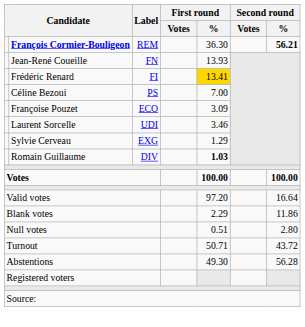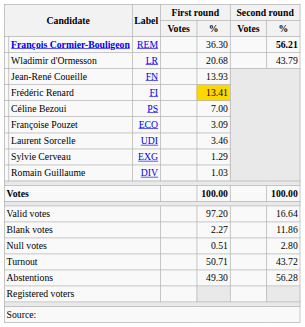 <table class="wikitable" style="text-align:right;font-size:95%;">
 <tr>
 <th rowspan="2" colspan="2">Candidate</th>
 <th rowspan="2">Label</th>
 <th colspan="2">First round</th>
 <th colspan="2">Second round</th>
 </tr>
 <tr>
 <th style="width:50px;">Votes</th>
 <th style="width:45px;">%</th>
 <th style="width:50px;">Votes</th>
 <th style="width:45px;">%</th>
 </tr>
 <tr>
 <td style="color:inherit;background:"></td>
 <td style="text-align:left;"><strong><a href='#'>François Cormier-Bouligeon</a></strong></td>
 <td><a href='#'>REM</a></td>
 <td></td>
 <td>36.30</td>
 <td><strong></strong></td>
 <td><strong>56.21</strong></td>
+</tr>
+<tr>
+<td style="color:inherit;background:"></td>
+<td style="text-align:left;">Wladimir d'Ormesson</td>
+<td><a href='#'>LR</a></td>
+<td></td>
+<td>20.68</td>
+<td></td>
+<td>43.79</td>
 </tr>
 <tr>
 <td style="color:inherit;background:"></td>
 <td style="text-align:left;">Jean-René Coueille</td>
 <td><a href='#'>FN</a></td>
 <td></td>
 <td>13.93</td>
 <td colspan="2" rowspan="7" style="background:#E9E9E9;"></td>
 </tr>
 <tr>
 <td style="color:inherit;background:"></td>
 <td style="text-align:left;">Frédéric Renard</td>
 <td><a href='#'>FI</a></td>
 <td></td>
 <td style="background: gold;">13.41</td>
 </tr>
 <tr>
 <td style="color:inherit;background:"></td>
 <td style="text-align:left;">Céline Bezoui</td>
 <td><a href='#'>PS</a></td>
 <td></td>
 <td>7.00</td>
 </tr>
 <tr>
 <td style="color:inherit;background:"></td>
 <td style="text-align:left;">Françoise Pouzet</td>
 <td><a href='#'>ECO</a></td>
 <td></td>
 <td>3.09</td>
 </tr>
 <tr>
 <td style="color:inherit;background:"></td>
 <td style="text-align:left;">Laurent Sorcelle</td>
 <td><a href='#'>UDI</a></td>
 <td></td>
 <td>3.46</td>
 </tr>
 <tr>
 <td style="color:inherit;background:"></td>
 <td style="text-align:left;">Sylvie Cerveau</td>
 <td><a href='#'>EXG</a></td>
 <td></td>
 <td>1.29</td>
 </tr>
 <tr>
 <td style="color:inherit;background:"></td>
 <td style="text-align:left;">Romain Guillaume</td>
 <td><a href='#'>DIV</a></td>
 <td></td>
-<td><strong>1.03</strong></td>
+<td>1.03</td>
 </tr>
 <tr>
 <td colspan="7" style="background:#E9E9E9;"></td>
 </tr>
 <tr style="font-weight:bold;">
 <td colspan="3" style="text-align:left;">Votes</td>
 <td></td>
 <td>100.00</td>
 <td></td>
 <td>100.00</td>
 </tr>
 <tr>
 <td colspan="7" style="background:#E9E9E9;"></td>
 </tr>
 <tr>
 <td colspan="3" style="text-align:left;">Valid votes</td>
 <td></td>
 <td>97.20</td>
 <td></td>
 <td>16.64</td>
 </tr>
 <tr>
 <td colspan="3" style="text-align:left;">Blank votes</td>
 <td></td>
-<td>2.29</td>
+<td>2.27</td>
 <td></td>
 <td>11.86</td>
 </tr>
 <tr>
 <td colspan="3" style="text-align:left;">Null votes</td>
 <td></td>
 <td>0.51</td>
 <td></td>
 <td>2.80</td>
 </tr>
 <tr>
 <td colspan="3" style="text-align:left;">Turnout</td>
 <td></td>
 <td>50.71</td>
 <td></td>
 <td>43.72</td>
 </tr>
 <tr>
 <td colspan="3" style="text-align:left;">Abstentions</td>
 <td></td>
 <td>49.30</td>
 <td></td>
 <td>56.28</td>
 </tr>
 <tr>
 <td colspan="3" style="text-align:left;">Registered voters</td>
 <td></td>
 <td style="color:inherit;background:#E9E9E9;"></td>
 <td></td>
 <td style="color:inherit;background:#E9E9E9;"></td>
 </tr>
 <tr>
 <td colspan="7" style="background:#E9E9E9;"></td>
 </tr>
 <tr>
 <td colspan="7" style="text-align:left;">Source: </td>
 </tr>
 </table>
